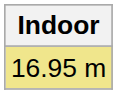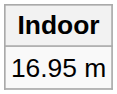 <table class="wikitable" border="1" align="upright">
 <tr>
 <th>Indoor</th>
 </tr>
 <tr>
-<td style="background: khaki;">16.95 m</td>
+<td>16.95 m</td>
 </tr>
 </table>
